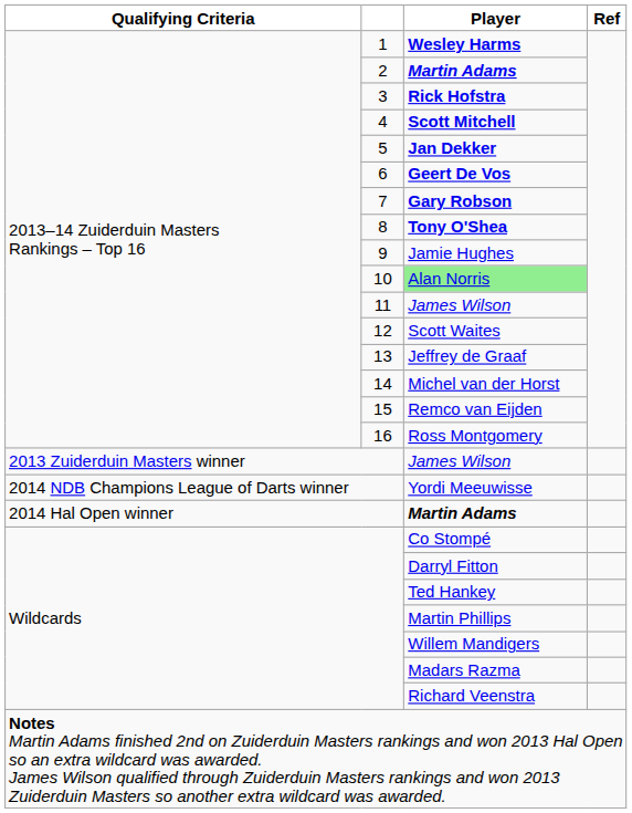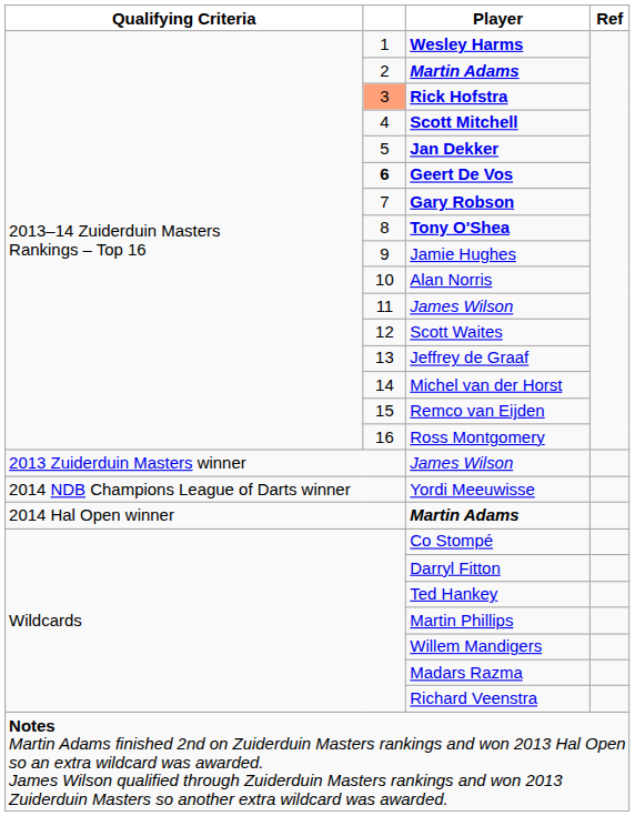 <table class="wikitable sortable collapsible collapsed" style="font-size:85%;">
 <tr>
 <th style="background:#ffffff; color:#000000;">Qualifying Criteria</th>
 <th style="background:#ffffff; color:#000000;"></th>
 <th style="background:#ffffff; color:#000000;">Player</th>
 <th style="background:#ffffff; color:#000000;">Ref</th>
 </tr>
 <tr>
 <td rowspan=16>2013–14 Zuiderduin Masters<br>Rankings – Top 16</td>
 <td style="text-align: center;">1</td>
 <td> <strong><a href='#'>Wesley Harms</a></strong></td>
 <td rowspan=16></td>
 </tr>
 <tr>
 <td style="text-align: center;">2</td>
 <td> <strong><em><a href='#'>Martin Adams</a></em></strong></td>
 </tr>
 <tr>
-<td style="text-align: center;">3</td>
+<td style="background: lightsalmon; text-align: center;">3</td>
 <td> <strong><a href='#'>Rick Hofstra</a></strong></td>
 </tr>
 <tr>
 <td style="text-align: center;">4</td>
 <td> <strong><a href='#'>Scott Mitchell</a></strong></td>
 </tr>
 <tr>
 <td style="text-align: center;">5</td>
 <td> <strong><a href='#'>Jan Dekker</a></strong></td>
 </tr>
 <tr>
-<td style="text-align: center;">6</td>
+<td style="text-align: center;"><strong>6</strong></td>
 <td> <strong><a href='#'>Geert De Vos</a></strong></td>
 </tr>
 <tr>
 <td style="text-align: center;">7</td>
 <td> <strong><a href='#'>Gary Robson</a></strong></td>
 </tr>
 <tr>
 <td style="text-align: center;">8</td>
 <td> <strong><a href='#'>Tony O'Shea</a></strong></td>
 </tr>
 <tr>
 <td style="text-align: center;">9</td>
 <td> <a href='#'>Jamie Hughes</a></td>
 </tr>
 <tr>
 <td style="text-align: center;">10</td>
-<td style="background: lightgreen;"> <a href='#'>Alan Norris</a></td>
+<td> <a href='#'>Alan Norris</a></td>
 </tr>
 <tr>
 <td style="text-align: center;">11</td>
 <td> <em><a href='#'>James Wilson</a></em></td>
 </tr>
 <tr>
 <td style="text-align: center;">12</td>
 <td> <a href='#'>Scott Waites</a></td>
 </tr>
 <tr>
 <td style="text-align: center;">13</td>
 <td> <a href='#'>Jeffrey de Graaf</a></td>
 </tr>
 <tr>
 <td style="text-align: center;">14</td>
 <td> <a href='#'>Michel van der Horst</a></td>
 </tr>
 <tr>
 <td style="text-align: center;">15</td>
 <td> <a href='#'>Remco van Eijden</a></td>
 </tr>
 <tr>
 <td style="text-align: center;">16</td>
 <td> <a href='#'>Ross Montgomery</a></td>
 </tr>
 <tr>
 <td colspan=2><a href='#'>2013 Zuiderduin Masters</a> winner</td>
 <td> <em><a href='#'>James Wilson</a></em></td>
 <td></td>
 </tr>
 <tr>
 <td colspan=2>2014 <a href='#'>NDB</a> Champions League of Darts winner</td>
 <td> <a href='#'>Yordi Meeuwisse</a></td>
 <td></td>
 </tr>
 <tr>
 <td colspan=2>2014 Hal Open winner</td>
 <td> <strong><em>Martin Adams</em></strong></td>
 <td></td>
 </tr>
 <tr>
 <td rowspan=7 colspan=2>Wildcards</td>
 <td> <a href='#'>Co Stompé</a></td>
 <td></td>
 </tr>
 <tr>
 <td> <a href='#'>Darryl Fitton</a></td>
 <td></td>
 </tr>
 <tr>
 <td> <a href='#'>Ted Hankey</a></td>
 <td></td>
 </tr>
 <tr>
 <td> <a href='#'>Martin Phillips</a></td>
 <td></td>
 </tr>
 <tr>
 <td> <a href='#'>Willem Mandigers</a></td>
 <td></td>
 </tr>
 <tr>
 <td> <a href='#'>Madars Razma</a></td>
 <td></td>
 </tr>
 <tr>
 <td> <a href='#'>Richard Veenstra</a></td>
 <td></td>
 </tr>
 <tr>
 <td colspan=4><strong>Notes</strong><br><em>Martin Adams finished 2nd on Zuiderduin Masters rankings and won 2013 Hal Open<br>so an extra wildcard was awarded.</em><br><em>James Wilson qualified through Zuiderduin Masters rankings and won 2013<br>Zuiderduin Masters so another extra wildcard was awarded.</em></td>
 </tr>
 </table>
